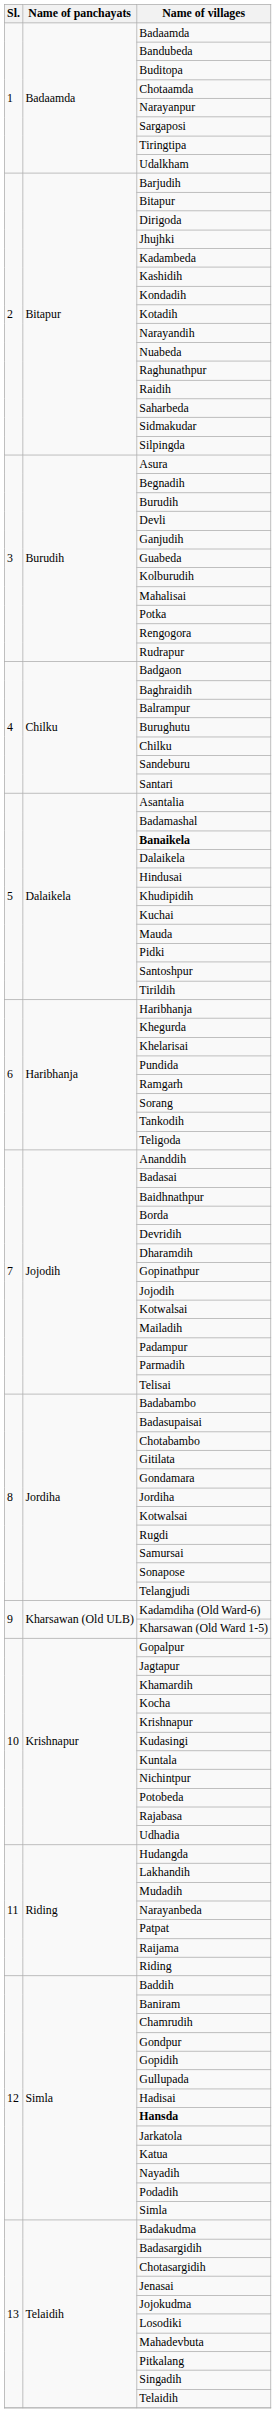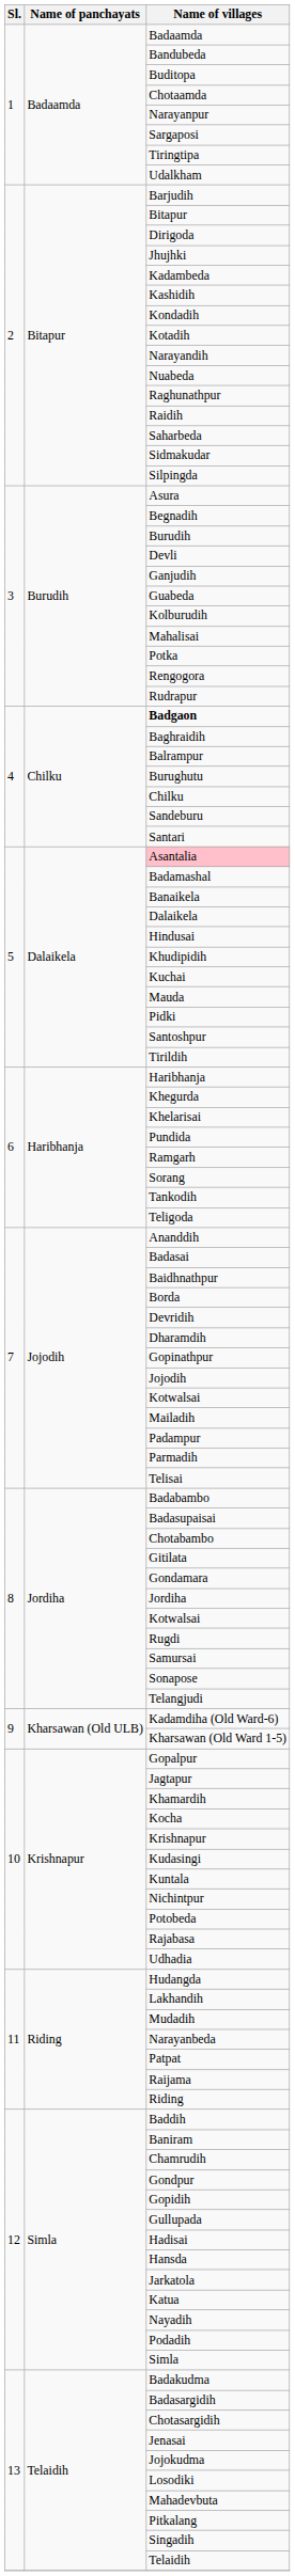 <table class="wikitable plainrowheaders sortable">
 <tr>
 <th scope="col">Sl.</th>
 <th scope="col">Name of panchayats</th>
 <th scope="col">Name of villages</th>
 </tr>
 <tr>
 <td rowspan="8">1</td>
 <td rowspan="8">Badaamda</td>
 <td>Badaamda</td>
 </tr>
 <tr>
 <td>Bandubeda</td>
 </tr>
 <tr>
 <td>Buditopa</td>
 </tr>
 <tr>
 <td>Chotaamda</td>
 </tr>
 <tr>
 <td>Narayanpur</td>
 </tr>
 <tr>
 <td>Sargaposi</td>
 </tr>
 <tr>
 <td>Tiringtipa</td>
 </tr>
 <tr>
 <td>Udalkham</td>
 </tr>
 <tr>
 <td rowspan="15">2</td>
 <td rowspan="15">Bitapur</td>
 <td>Barjudih</td>
 </tr>
 <tr>
 <td>Bitapur</td>
 </tr>
 <tr>
 <td>Dirigoda</td>
 </tr>
 <tr>
 <td>Jhujhki</td>
 </tr>
 <tr>
 <td>Kadambeda</td>
 </tr>
 <tr>
 <td>Kashidih</td>
 </tr>
 <tr>
 <td>Kondadih</td>
 </tr>
 <tr>
 <td>Kotadih</td>
 </tr>
 <tr>
 <td>Narayandih</td>
 </tr>
 <tr>
 <td>Nuabeda</td>
 </tr>
 <tr>
 <td>Raghunathpur</td>
 </tr>
 <tr>
 <td>Raidih</td>
 </tr>
 <tr>
 <td>Saharbeda</td>
 </tr>
 <tr>
 <td>Sidmakudar</td>
 </tr>
 <tr>
 <td>Silpingda</td>
 </tr>
 <tr>
 <td rowspan="11">3</td>
 <td rowspan="11">Burudih</td>
 <td>Asura</td>
 </tr>
 <tr>
 <td>Begnadih</td>
 </tr>
 <tr>
 <td>Burudih</td>
 </tr>
 <tr>
 <td>Devli</td>
 </tr>
 <tr>
 <td>Ganjudih</td>
 </tr>
 <tr>
 <td>Guabeda</td>
 </tr>
 <tr>
 <td>Kolburudih</td>
 </tr>
 <tr>
 <td>Mahalisai</td>
 </tr>
 <tr>
 <td>Potka</td>
 </tr>
 <tr>
 <td>Rengogora</td>
 </tr>
 <tr>
 <td>Rudrapur</td>
 </tr>
 <tr>
 <td rowspan="7">4</td>
 <td rowspan="7">Chilku</td>
-<td>Badgaon</td>
+<td><strong>Badgaon</strong></td>
 </tr>
 <tr>
 <td>Baghraidih</td>
 </tr>
 <tr>
 <td>Balrampur</td>
 </tr>
 <tr>
 <td>Burughutu</td>
 </tr>
 <tr>
 <td>Chilku</td>
 </tr>
 <tr>
 <td>Sandeburu</td>
 </tr>
 <tr>
 <td>Santari</td>
 </tr>
 <tr>
 <td rowspan="11">5</td>
 <td rowspan="11">Dalaikela</td>
-<td>Asantalia</td>
+<td style="background: pink;">Asantalia</td>
 </tr>
 <tr>
 <td>Badamashal</td>
 </tr>
 <tr>
-<td><strong>Banaikela</strong></td>
+<td>Banaikela</td>
 </tr>
 <tr>
 <td>Dalaikela</td>
 </tr>
 <tr>
 <td>Hindusai</td>
 </tr>
 <tr>
 <td>Khudipidih</td>
 </tr>
 <tr>
 <td>Kuchai</td>
 </tr>
 <tr>
 <td>Mauda</td>
 </tr>
 <tr>
 <td>Pidki</td>
 </tr>
 <tr>
 <td>Santoshpur</td>
 </tr>
 <tr>
 <td>Tirildih</td>
 </tr>
 <tr>
 <td rowspan="8">6</td>
 <td rowspan="8">Haribhanja</td>
 <td>Haribhanja</td>
 </tr>
 <tr>
 <td>Khegurda</td>
 </tr>
 <tr>
 <td>Khelarisai</td>
 </tr>
 <tr>
 <td>Pundida</td>
 </tr>
 <tr>
 <td>Ramgarh</td>
 </tr>
 <tr>
 <td>Sorang</td>
 </tr>
 <tr>
 <td>Tankodih</td>
 </tr>
 <tr>
 <td>Teligoda</td>
 </tr>
 <tr>
 <td rowspan="13">7</td>
 <td rowspan="13">Jojodih</td>
 <td>Ananddih</td>
 </tr>
 <tr>
 <td>Badasai</td>
 </tr>
 <tr>
 <td>Baidhnathpur</td>
 </tr>
 <tr>
 <td>Borda</td>
 </tr>
 <tr>
 <td>Devridih</td>
 </tr>
 <tr>
 <td>Dharamdih</td>
 </tr>
 <tr>
 <td>Gopinathpur</td>
 </tr>
 <tr>
 <td>Jojodih</td>
 </tr>
 <tr>
 <td>Kotwalsai</td>
 </tr>
 <tr>
 <td>Mailadih</td>
 </tr>
 <tr>
 <td>Padampur</td>
 </tr>
 <tr>
 <td>Parmadih</td>
 </tr>
 <tr>
 <td>Telisai</td>
 </tr>
 <tr>
 <td rowspan="11">8</td>
 <td rowspan="11">Jordiha</td>
 <td>Badabambo</td>
 </tr>
 <tr>
 <td>Badasupaisai</td>
 </tr>
 <tr>
 <td>Chotabambo</td>
 </tr>
 <tr>
 <td>Gitilata</td>
 </tr>
 <tr>
 <td>Gondamara</td>
 </tr>
 <tr>
 <td>Jordiha</td>
 </tr>
 <tr>
 <td>Kotwalsai</td>
 </tr>
 <tr>
 <td>Rugdi</td>
 </tr>
 <tr>
 <td>Samursai</td>
 </tr>
 <tr>
 <td>Sonapose</td>
 </tr>
 <tr>
 <td>Telangjudi</td>
 </tr>
 <tr>
 <td rowspan=2>9</td>
 <td rowspan=2>Kharsawan (Old ULB)</td>
 <td>Kadamdiha (Old Ward-6)</td>
 </tr>
 <tr>
 <td>Kharsawan (Old Ward 1-5)</td>
 </tr>
 <tr>
 <td rowspan="11">10</td>
 <td rowspan="11">Krishnapur</td>
 <td>Gopalpur</td>
 </tr>
 <tr>
 <td>Jagtapur</td>
 </tr>
 <tr>
 <td>Khamardih</td>
 </tr>
 <tr>
 <td>Kocha</td>
 </tr>
 <tr>
 <td>Krishnapur</td>
 </tr>
 <tr>
 <td>Kudasingi</td>
 </tr>
 <tr>
 <td>Kuntala</td>
 </tr>
 <tr>
 <td>Nichintpur</td>
 </tr>
 <tr>
 <td>Potobeda</td>
 </tr>
 <tr>
 <td>Rajabasa</td>
 </tr>
 <tr>
 <td>Udhadia</td>
 </tr>
 <tr>
 <td rowspan="7">11</td>
 <td rowspan="7">Riding</td>
 <td>Hudangda</td>
 </tr>
 <tr>
 <td>Lakhandih</td>
 </tr>
 <tr>
 <td>Mudadih</td>
 </tr>
 <tr>
 <td>Narayanbeda</td>
 </tr>
 <tr>
 <td>Patpat</td>
 </tr>
 <tr>
 <td>Raijama</td>
 </tr>
 <tr>
 <td>Riding</td>
 </tr>
 <tr>
 <td rowspan="13">12</td>
 <td rowspan="13">Simla</td>
 <td>Baddih</td>
 </tr>
 <tr>
 <td>Baniram</td>
 </tr>
 <tr>
 <td>Chamrudih</td>
 </tr>
 <tr>
 <td>Gondpur</td>
 </tr>
 <tr>
 <td>Gopidih</td>
 </tr>
 <tr>
 <td>Gullupada</td>
 </tr>
 <tr>
 <td>Hadisai</td>
 </tr>
 <tr>
-<td><strong>Hansda</strong></td>
+<td>Hansda</td>
 </tr>
 <tr>
 <td>Jarkatola</td>
 </tr>
 <tr>
 <td>Katua</td>
 </tr>
 <tr>
 <td>Nayadih</td>
 </tr>
 <tr>
 <td>Podadih</td>
 </tr>
 <tr>
 <td>Simla</td>
 </tr>
 <tr>
 <td rowspan="10">13</td>
 <td rowspan="10">Telaidih</td>
 <td>Badakudma</td>
 </tr>
 <tr>
 <td>Badasargidih</td>
 </tr>
 <tr>
 <td>Chotasargidih</td>
 </tr>
 <tr>
 <td>Jenasai</td>
 </tr>
 <tr>
 <td>Jojokudma</td>
 </tr>
 <tr>
 <td>Losodiki</td>
 </tr>
 <tr>
 <td>Mahadevbuta</td>
 </tr>
 <tr>
 <td>Pitkalang</td>
 </tr>
 <tr>
 <td>Singadih</td>
 </tr>
 <tr>
 <td>Telaidih</td>
 </tr>
 <tr>
 </tr>
 </table>
